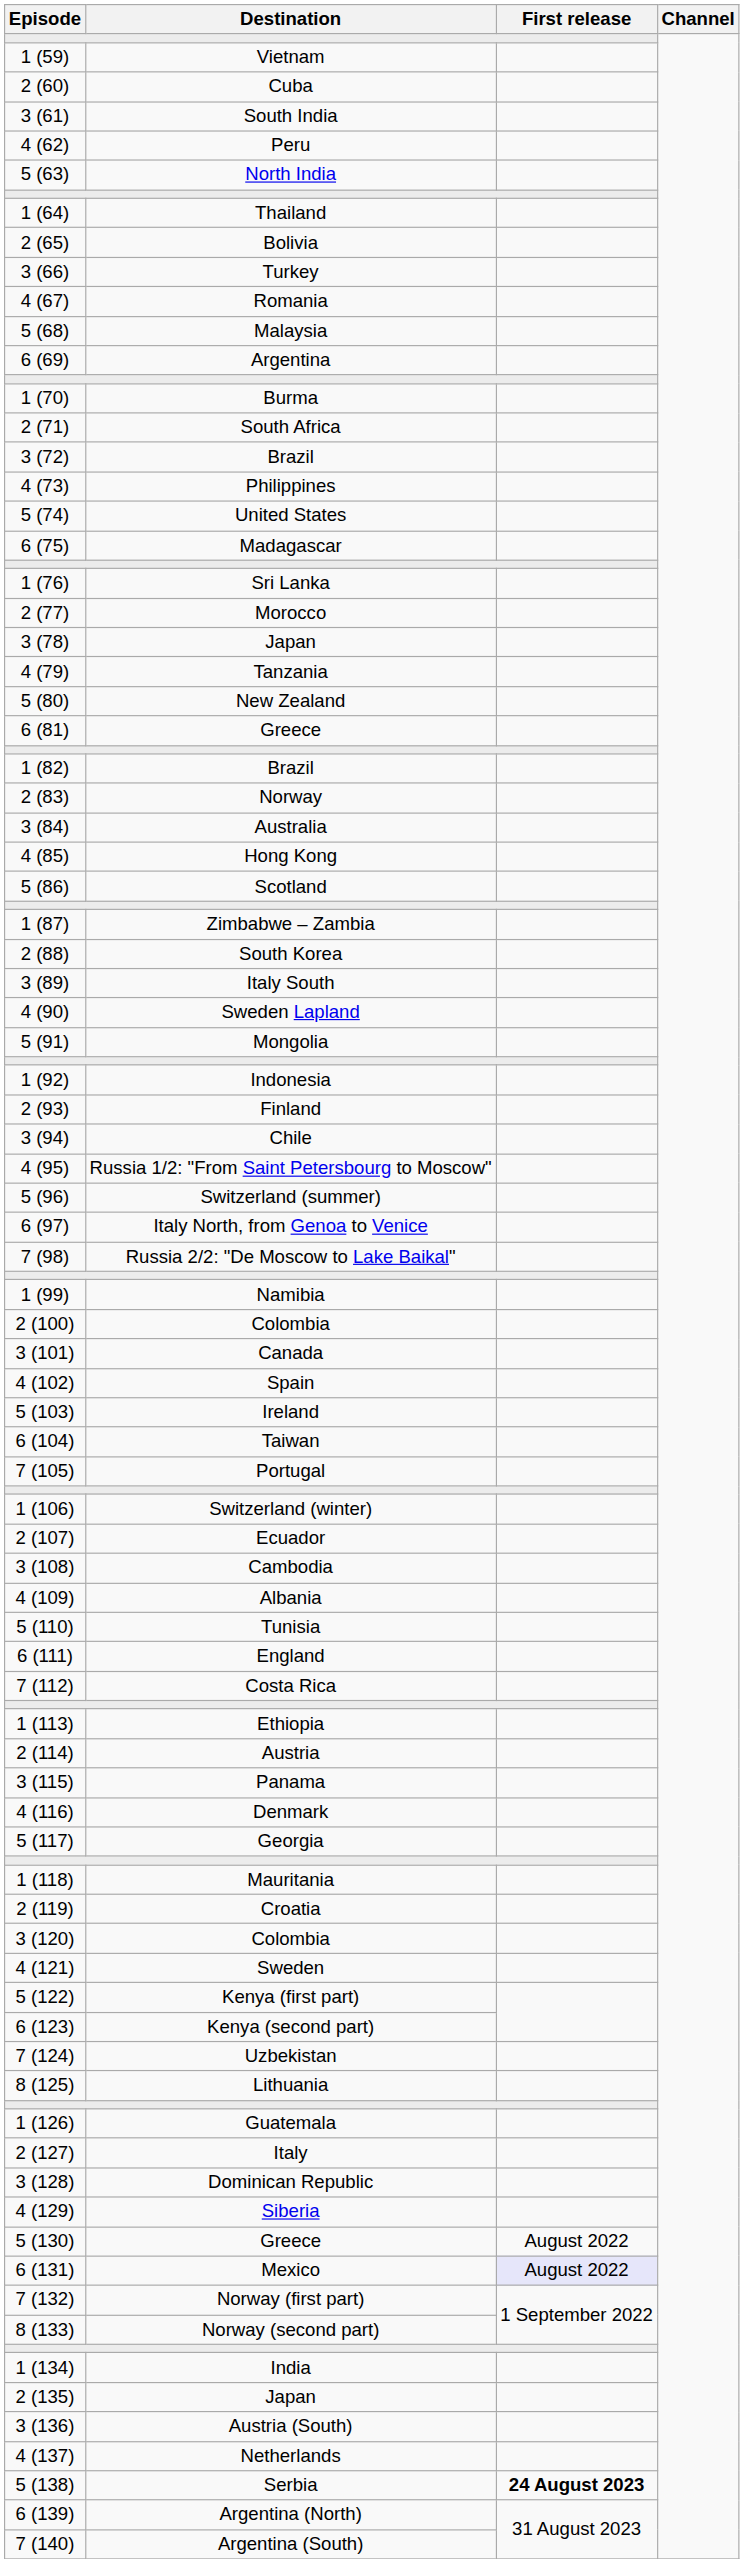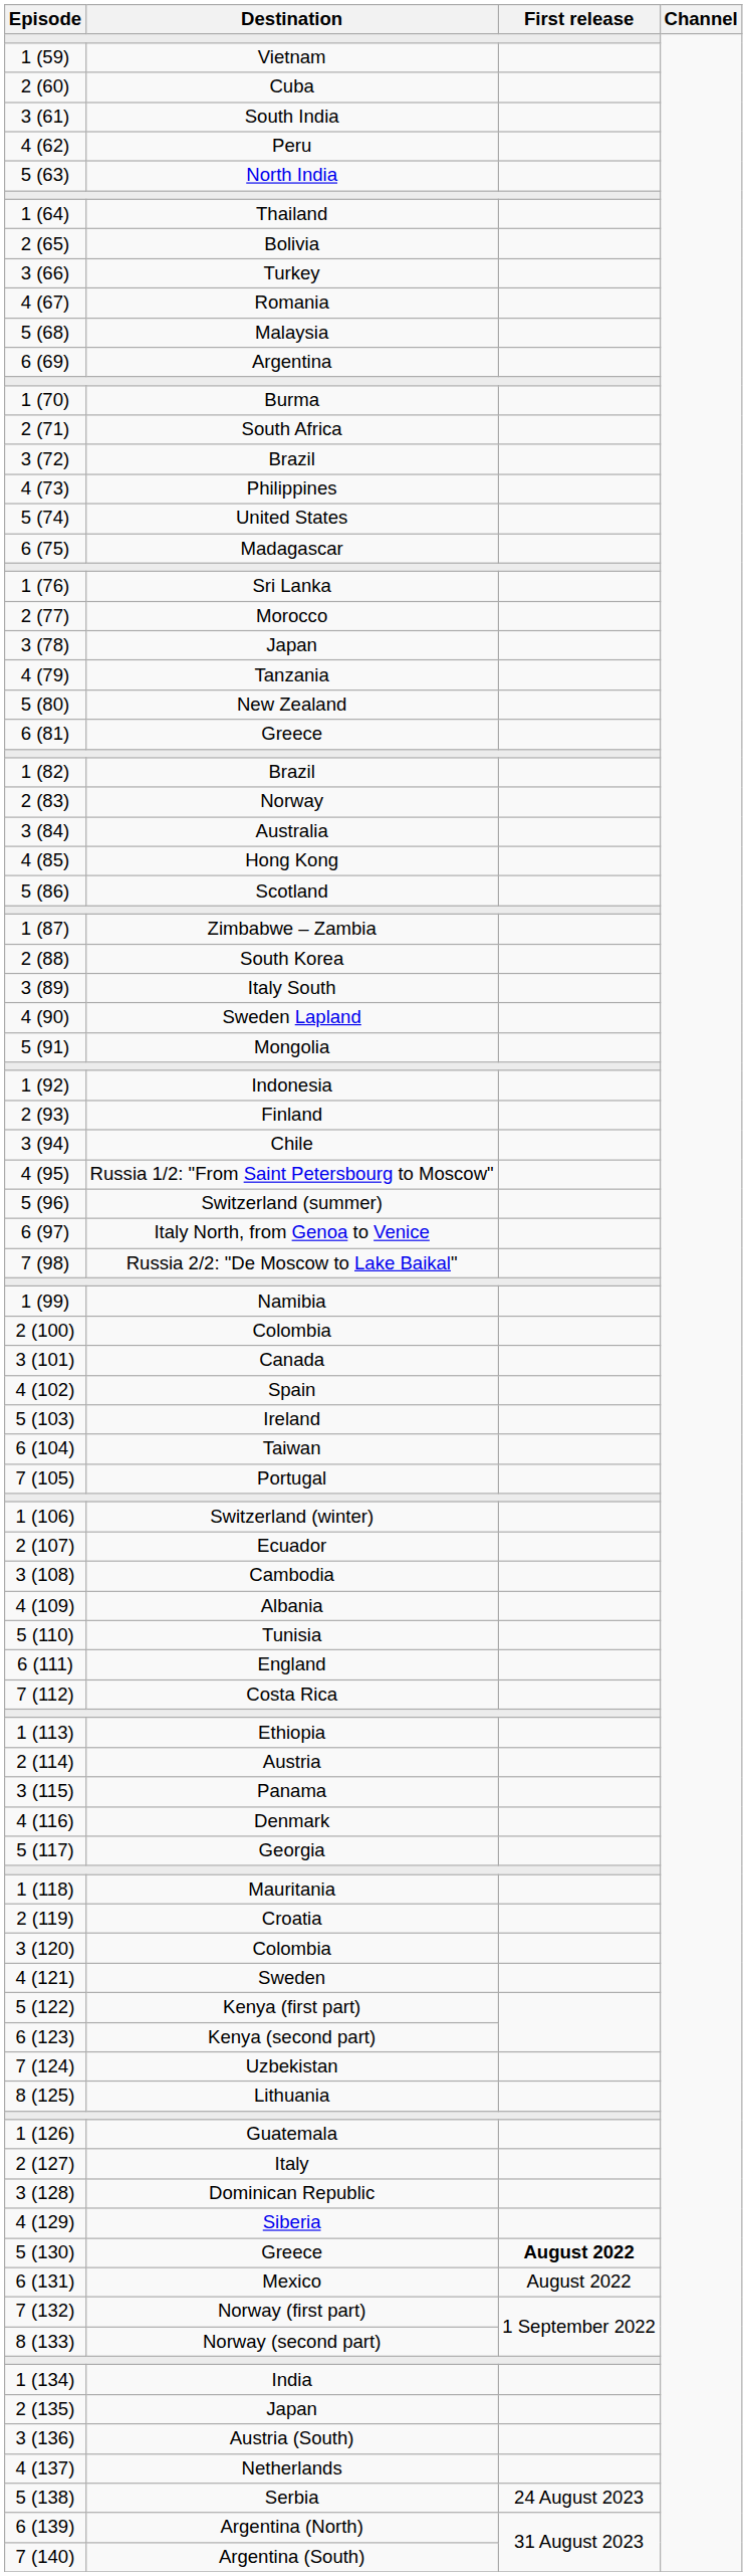 <table class="wikitable alternance sortable" style="text-align: center">
 <tr>
 <th scope="col">Episode</th>
 <th scope="col">Destination</th>
 <th scope="col">First release</th>
 <th scope="col">Channel</th>
 </tr>
 <tr>
 <td colspan="3" style="text-align:center; background:#ececec;"><strong></strong></td>
 <td rowspan="95"></td>
 </tr>
 <tr>
 <td style="text-align:center;">1 (59)</td>
 <td>Vietnam</td>
 <td></td>
 </tr>
 <tr>
 <td style="text-align:center;">2 (60)</td>
 <td>Cuba</td>
 <td></td>
 </tr>
 <tr>
 <td style="text-align:center;">3 (61)</td>
 <td>South India</td>
 <td></td>
 </tr>
 <tr>
 <td style="text-align:center;">4 (62)</td>
 <td>Peru</td>
 <td></td>
 </tr>
 <tr>
 <td style="text-align:center;">5 (63)</td>
 <td><a href='#'>North India</a></td>
 <td></td>
 </tr>
 <tr>
 <td colspan="3" style="text-align:center; background:#ececec;"><strong></strong></td>
 </tr>
 <tr>
 <td style="text-align:center;">1 (64)</td>
 <td>Thailand</td>
 <td></td>
 </tr>
 <tr>
 <td style="text-align:center;">2 (65)</td>
 <td>Bolivia</td>
 <td></td>
 </tr>
 <tr>
 <td style="text-align:center;">3 (66)</td>
 <td>Turkey</td>
 <td></td>
 </tr>
 <tr>
 <td style="text-align:center;">4 (67)</td>
 <td>Romania</td>
 <td></td>
 </tr>
 <tr>
 <td style="text-align:center;">5 (68)</td>
 <td>Malaysia</td>
 <td></td>
 </tr>
 <tr>
 <td style="text-align:center;">6 (69)</td>
 <td>Argentina</td>
 <td></td>
 </tr>
 <tr>
 <td colspan="3" style="text-align:center; background:#ececec;"><strong></strong></td>
 </tr>
 <tr>
 <td style="text-align:center;">1 (70)</td>
 <td>Burma</td>
 <td></td>
 </tr>
 <tr>
 <td style="text-align:center;">2 (71)</td>
 <td>South Africa</td>
 <td></td>
 </tr>
 <tr>
 <td style="text-align:center;">3 (72)</td>
 <td>Brazil</td>
 <td></td>
 </tr>
 <tr>
 <td style="text-align:center;">4 (73)</td>
 <td>Philippines</td>
 <td></td>
 </tr>
 <tr>
 <td style="text-align:center;">5 (74)</td>
 <td>United States</td>
 <td></td>
 </tr>
 <tr>
 <td style="text-align:center;">6 (75)</td>
 <td>Madagascar</td>
 <td></td>
 </tr>
 <tr>
 <td colspan="3" style="text-align:center; background:#ececec;"><strong></strong></td>
 </tr>
 <tr>
 <td style="text-align:center;">1 (76)</td>
 <td>Sri Lanka</td>
 <td></td>
 </tr>
 <tr>
 <td style="text-align:center;">2 (77)</td>
 <td>Morocco</td>
 <td></td>
 </tr>
 <tr>
 <td style="text-align:center;">3 (78)</td>
 <td>Japan</td>
 <td></td>
 </tr>
 <tr>
 <td style="text-align:center;">4 (79)</td>
 <td>Tanzania</td>
 <td></td>
 </tr>
 <tr>
 <td style="text-align:center;">5 (80)</td>
 <td>New Zealand</td>
 <td></td>
 </tr>
 <tr>
 <td style="text-align:center;">6 (81)</td>
 <td>Greece</td>
 <td></td>
 </tr>
 <tr>
 <td colspan="3" style="text-align:center; background:#ececec;"><strong></strong></td>
 </tr>
 <tr>
 <td style="text-align:center;">1 (82)</td>
 <td>Brazil</td>
 <td></td>
 </tr>
 <tr>
 <td style="text-align:center;">2 (83)</td>
 <td>Norway</td>
 <td></td>
 </tr>
 <tr>
 <td style="text-align:center;">3 (84)</td>
 <td>Australia</td>
 <td></td>
 </tr>
 <tr>
 <td style="text-align:center;">4 (85)</td>
 <td>Hong Kong</td>
 <td></td>
 </tr>
 <tr>
 <td style="text-align:center;">5 (86)</td>
 <td>Scotland</td>
 <td></td>
 </tr>
 <tr>
 <td colspan="3" style="text-align:center; background:#ececec;"><strong></strong></td>
 </tr>
 <tr>
 <td style="text-align:center;">1 (87)</td>
 <td>Zimbabwe – Zambia</td>
 <td></td>
 </tr>
 <tr>
 <td style="text-align:center;">2 (88)</td>
 <td>South Korea</td>
 <td></td>
 </tr>
 <tr>
 <td style="text-align:center;">3 (89)</td>
 <td>Italy South</td>
 <td></td>
 </tr>
 <tr>
 <td style="text-align:center;">4 (90)</td>
 <td>Sweden <a href='#'>Lapland</a></td>
 <td></td>
 </tr>
 <tr>
 <td style="text-align:center;">5 (91)</td>
 <td>Mongolia</td>
 <td></td>
 </tr>
 <tr>
 <td colspan="3" style="text-align:center; background:#ececec;"><strong></strong></td>
 </tr>
 <tr>
 <td style="text-align:center;">1 (92)</td>
 <td>Indonesia</td>
 <td></td>
 </tr>
 <tr>
 <td style="text-align:center;">2 (93)</td>
 <td>Finland</td>
 <td></td>
 </tr>
 <tr>
 <td style="text-align:center;">3 (94)</td>
 <td>Chile</td>
 <td></td>
 </tr>
 <tr>
 <td style="text-align:center;">4 (95)</td>
 <td>Russia 1/2: "From <a href='#'>Saint Petersbourg</a> to Moscow"</td>
 <td></td>
 </tr>
 <tr>
 <td style="text-align:center;">5 (96)</td>
 <td>Switzerland (summer)</td>
 <td></td>
 </tr>
 <tr>
 <td style="text-align:center;">6 (97)</td>
 <td>Italy North, from <a href='#'>Genoa</a> to <a href='#'>Venice</a></td>
 <td></td>
 </tr>
 <tr>
 <td style="text-align:center;">7 (98)</td>
 <td>Russia 2/2: "De Moscow to <a href='#'>Lake Baikal</a>"</td>
 <td></td>
 </tr>
 <tr>
 <td colspan="3" style="text-align:center; background:#ececec;"><strong></strong></td>
 </tr>
 <tr>
 <td style="text-align:center;">1 (99)</td>
 <td>Namibia</td>
 <td></td>
 </tr>
 <tr>
 <td style="text-align:center;">2 (100)</td>
 <td>Colombia</td>
 <td></td>
 </tr>
 <tr>
 <td style="text-align:center;">3 (101)</td>
 <td>Canada</td>
 <td></td>
 </tr>
 <tr>
 <td style="text-align:center;">4 (102)</td>
 <td>Spain</td>
 <td></td>
 </tr>
 <tr>
 <td style="text-align:center;">5 (103)</td>
 <td>Ireland</td>
 <td></td>
 </tr>
 <tr>
 <td style="text-align:center;">6 (104)</td>
 <td>Taiwan</td>
 <td></td>
 </tr>
 <tr>
 <td style="text-align:center;">7 (105)</td>
 <td>Portugal</td>
 <td></td>
 </tr>
 <tr>
 <td colspan="3" style="text-align:center; background:#ececec;"><strong></strong></td>
 </tr>
 <tr>
 <td style="text-align:center;">1 (106)</td>
 <td>Switzerland (winter)</td>
 <td></td>
 </tr>
 <tr>
 <td style="text-align:center;">2 (107)</td>
 <td>Ecuador</td>
 <td></td>
 </tr>
 <tr>
 <td style="text-align:center;">3 (108)</td>
 <td>Cambodia</td>
 <td></td>
 </tr>
 <tr>
 <td style="text-align:center;">4 (109)</td>
 <td>Albania</td>
 <td></td>
 </tr>
 <tr>
 <td style="text-align:center;">5 (110)</td>
 <td>Tunisia</td>
 <td></td>
 </tr>
 <tr>
 <td style="text-align:center;">6 (111)</td>
 <td>England</td>
 <td></td>
 </tr>
 <tr>
 <td style="text-align:center;">7 (112)</td>
 <td>Costa Rica</td>
 <td></td>
 </tr>
 <tr>
 <td colspan="3" style="text-align:center; background:#ececec;"><strong></strong></td>
 </tr>
 <tr>
 <td style="text-align:center;">1 (113)</td>
 <td>Ethiopia</td>
 <td></td>
 </tr>
 <tr>
 <td style="text-align:center;">2 (114)</td>
 <td>Austria</td>
 <td></td>
 </tr>
 <tr>
 <td style="text-align:center;">3 (115)</td>
 <td>Panama</td>
 <td></td>
 </tr>
 <tr>
 <td style="text-align:center;">4 (116)</td>
 <td>Denmark</td>
 <td></td>
 </tr>
 <tr>
 <td style="text-align:center;">5 (117)</td>
 <td>Georgia</td>
 <td></td>
 </tr>
 <tr>
 <td colspan="3" style="text-align:center; background:#ececec;"><strong></strong></td>
 </tr>
 <tr>
 <td style="text-align:center;">1 (118)</td>
 <td>Mauritania</td>
 <td></td>
 </tr>
 <tr>
 <td style="text-align:center;">2 (119)</td>
 <td>Croatia</td>
 <td></td>
 </tr>
 <tr>
 <td style="text-align:center;">3 (120)</td>
 <td>Colombia</td>
 <td></td>
 </tr>
 <tr>
 <td style="text-align:center;">4 (121)</td>
 <td>Sweden</td>
 <td></td>
 </tr>
 <tr>
 <td style="text-align:center;">5 (122)</td>
 <td>Kenya (first part)</td>
 <td rowspan="2"></td>
 </tr>
 <tr>
 <td style="text-align:center;">6 (123)</td>
 <td>Kenya (second part)</td>
 </tr>
 <tr>
 <td style="text-align:center;">7 (124)</td>
 <td>Uzbekistan</td>
 <td></td>
 </tr>
 <tr>
 <td style="text-align:center;">8 (125)</td>
 <td>Lithuania</td>
 <td></td>
 </tr>
 <tr>
 <td colspan="3" style="text-align:center; background:#ececec;"><strong></strong></td>
 </tr>
 <tr>
 <td style="text-align:center;">1 (126)</td>
 <td>Guatemala</td>
 <td></td>
 </tr>
 <tr>
 <td style="text-align:center;">2 (127)</td>
 <td>Italy</td>
 <td></td>
 </tr>
 <tr>
 <td style="text-align:center;">3 (128)</td>
 <td>Dominican Republic</td>
 <td></td>
 </tr>
 <tr>
 <td style="text-align:center;">4 (129)</td>
 <td><a href='#'>Siberia</a></td>
 <td></td>
 </tr>
 <tr>
 <td style="text-align:center;">5 (130)</td>
 <td>Greece</td>
-<td> August 2022</td>
+<td><strong> August 2022</strong></td>
 </tr>
 <tr>
 <td style="text-align:center;">6 (131)</td>
 <td>Mexico</td>
-<td style="background: lavender;"> August 2022</td>
+<td> August 2022</td>
 </tr>
 <tr>
 <td style="text-align:center;">7 (132)</td>
 <td>Norway (first part)</td>
 <td rowspan="2">1 September 2022</td>
 </tr>
 <tr>
 <td style="text-align:center;">8 (133)</td>
 <td>Norway (second part)</td>
 </tr>
 <tr>
 <td colspan="3" style="text-align:center; background:#ececec;"><strong></strong></td>
 </tr>
 <tr>
 <td style="text-align:center;">1 (134)</td>
 <td>India</td>
 <td></td>
 </tr>
 <tr>
 <td style="text-align:center;">2 (135)</td>
 <td>Japan</td>
 <td></td>
 </tr>
 <tr>
 <td style="text-align:center;">3 (136)</td>
 <td>Austria (South)</td>
 <td></td>
 </tr>
 <tr>
 <td style="text-align:center;">4 (137)</td>
 <td>Netherlands</td>
 <td></td>
 </tr>
 <tr>
 <td style="text-align:center;">5 (138)</td>
 <td>Serbia</td>
-<td><strong>24 August 2023</strong></td>
+<td>24 August 2023</td>
 </tr>
 <tr>
 <td style="text-align:center;">6 (139)</td>
 <td>Argentina (North)</td>
 <td rowspan="2">31 August 2023</td>
 </tr>
 <tr>
 <td style="text-align:center;">7 (140)</td>
 <td>Argentina (South)</td>
 </tr>
 </table>
